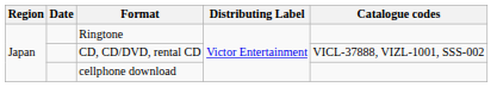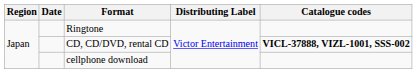 <table class="wikitable">
 <tr>
 <th>Region</th>
 <th>Date</th>
 <th>Format</th>
 <th>Distributing Label</th>
 <th>Catalogue codes</th>
 </tr>
 <tr>
 <td rowspan="3">Japan</td>
 <td></td>
 <td>Ringtone</td>
 <td rowspan="3"><a href='#'>Victor Entertainment</a></td>
 <td></td>
 </tr>
 <tr>
 <td></td>
 <td>CD, CD/DVD, rental CD</td>
-<td>VICL-37888, VIZL-1001, SSS-002</td>
+<td><strong>VICL-37888, VIZL-1001, SSS-002</strong></td>
 </tr>
 <tr>
 <td></td>
 <td>cellphone download</td>
 <td></td>
 </tr>
 </table>
